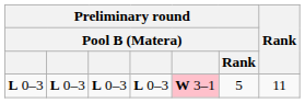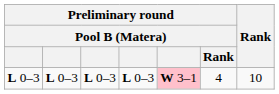 <table class="wikitable" style="font-size:100%;">
 <tr>
 <th colspan=6>Preliminary round</th>
 <th rowspan=3>Rank</th>
 </tr>
 <tr>
 <th colspan=6>Pool B (Matera)</th>
 </tr>
 <tr>
 <th></th>
 <th></th>
 <th></th>
 <th></th>
 <th></th>
 <th>Rank</th>
 </tr>
 <tr align=center>
 <td><strong>L</strong> 0–3</td>
 <td><strong>L</strong> 0–3</td>
 <td><strong>L</strong> 0–3</td>
 <td><strong>L</strong> 0–3</td>
 <td style="background: pink;"><strong>W</strong> 3–1</td>
-<td>5</td>
-<td>11</td>
+<td>4</td>
+<td>10</td>
 </tr>
 </table>
